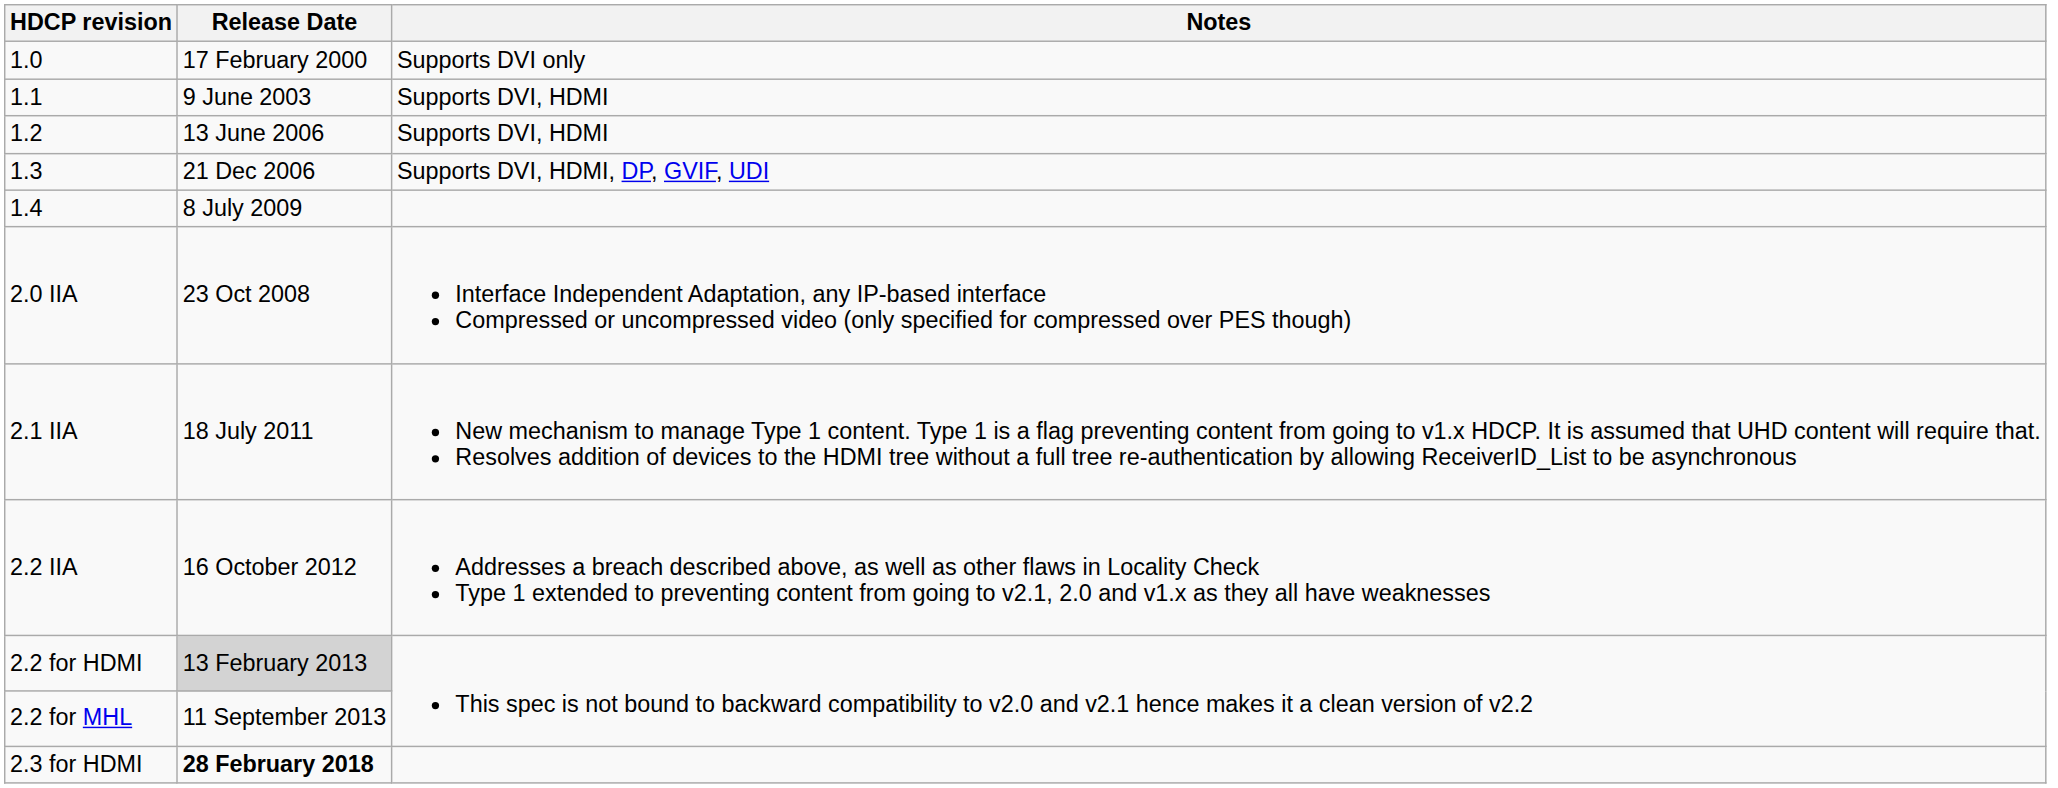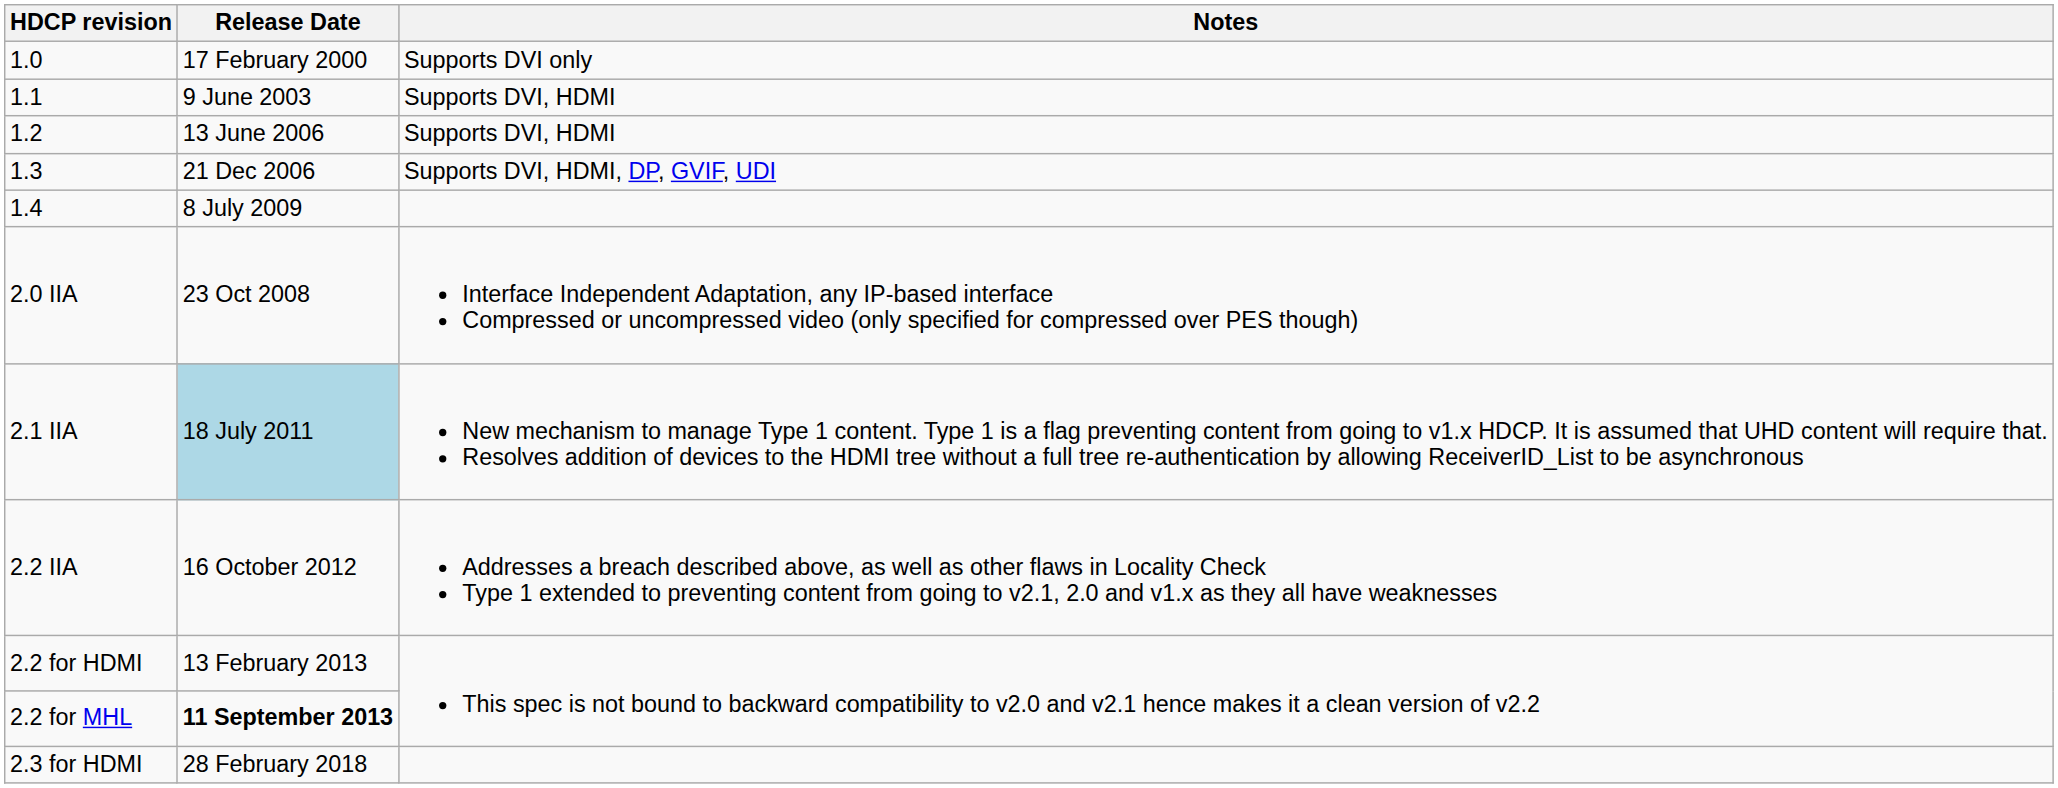 <table class="wikitable">
 <tr>
 <th>HDCP revision</th>
 <th>Release Date</th>
 <th>Notes</th>
 </tr>
 <tr>
 <td>1.0</td>
 <td>17 February 2000</td>
 <td>Supports DVI only</td>
 </tr>
 <tr>
 <td>1.1</td>
 <td>9 June 2003</td>
 <td>Supports DVI, HDMI</td>
 </tr>
 <tr>
 <td>1.2</td>
 <td>13 June 2006</td>
 <td>Supports DVI, HDMI</td>
 </tr>
 <tr>
 <td>1.3</td>
 <td>21 Dec 2006</td>
 <td>Supports DVI, HDMI, <a href='#'>DP</a>, <a href='#'>GVIF</a>, <a href='#'>UDI</a></td>
 </tr>
 <tr>
 <td>1.4</td>
 <td>8 July 2009</td>
 <td></td>
 </tr>
 <tr>
 <td>2.0 IIA</td>
 <td>23 Oct 2008</td>
 <td><br><ul><li>Interface Independent Adaptation, any IP-based interface</li><li>Compressed or uncompressed video (only specified for compressed over PES though)</li></ul></td>
 </tr>
 <tr>
 <td>2.1 IIA</td>
-<td>18 July 2011</td>
+<td style="background: lightblue;">18 July 2011</td>
 <td><br><ul><li>New mechanism to manage  Type 1 content. Type 1 is a flag preventing content from going to v1.x HDCP. It is assumed that UHD content will require that.</li><li>Resolves addition of devices to the HDMI tree without a full tree re-authentication by allowing ReceiverID_List to be asynchronous</li></ul></td>
 </tr>
 <tr>
 <td>2.2 IIA</td>
 <td>16 October 2012</td>
 <td><br><ul><li>Addresses a breach described above, as well as other flaws in Locality Check</li><li>Type 1 extended to preventing content from going to v2.1, 2.0 and v1.x as they all have weaknesses</li></ul></td>
 </tr>
 <tr>
 <td>2.2 for HDMI</td>
-<td style="background: lightgrey;">13 February 2013</td>
+<td>13 February 2013</td>
 <td rowspan="2"><br><ul><li>This spec is not bound to backward compatibility to v2.0 and v2.1 hence makes it a clean version of v2.2</li></ul></td>
 </tr>
 <tr>
 <td>2.2 for <a href='#'>MHL</a></td>
-<td>11 September 2013</td>
+<td><strong>11 September 2013</strong></td>
 </tr>
 <tr>
 <td>2.3 for HDMI</td>
-<td><strong>28 February 2018</strong></td>
+<td>28 February 2018</td>
 <td></td>
 </tr>
 </table>
